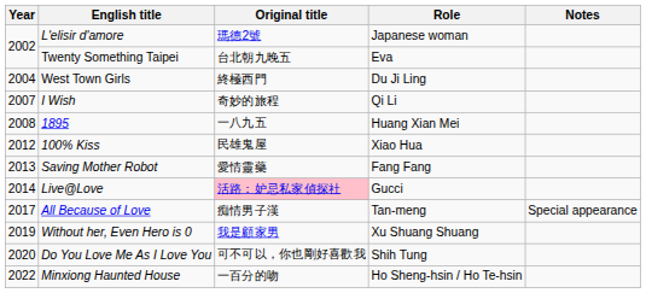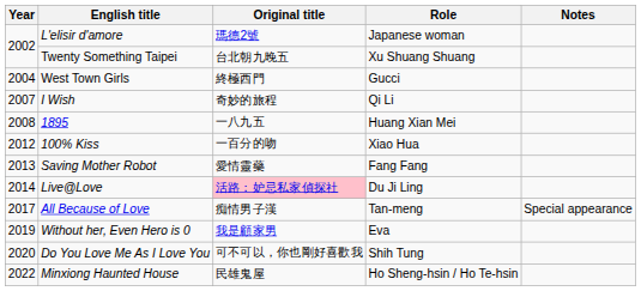 <table class="wikitable sortable">
 <tr>
 <th>Year</th>
 <th>English title</th>
 <th>Original title</th>
 <th>Role</th>
 <th class="unsortable">Notes</th>
 </tr>
 <tr>
 <td rowspan=2 style="text-align:center">2002</td>
 <td><em>L'elisir d'amore</em></td>
 <td><a href='#'>瑪德2號</a></td>
 <td>Japanese woman</td>
 <td></td>
 </tr>
 <tr>
 <td>Twenty Something Taipei</td>
 <td>台北朝九晚五</td>
-<td>Eva</td>
+<td>Xu Shuang Shuang</td>
 <td></td>
 </tr>
 <tr>
 <td style="text-align:center">2004</td>
 <td>West Town Girls</td>
 <td>終極西門</td>
-<td>Du Ji Ling</td>
+<td>Gucci</td>
 <td></td>
 </tr>
 <tr>
 <td style="text-align:center">2007</td>
 <td><em>I Wish</em></td>
 <td>奇妙的旅程</td>
 <td>Qi Li</td>
 <td></td>
 </tr>
 <tr>
 <td style="text-align:center">2008</td>
 <td><em><a href='#'>1895</a></em></td>
 <td>一八九五</td>
 <td>Huang Xian Mei</td>
 <td></td>
 </tr>
 <tr>
 <td style="text-align:center">2012</td>
 <td><em>100% Kiss</em></td>
-<td>民雄鬼屋</td>
+<td>一百分的吻</td>
 <td>Xiao Hua</td>
 <td></td>
 </tr>
 <tr>
 <td style="text-align:center">2013</td>
 <td><em>Saving Mother Robot</em></td>
 <td>愛情靈藥</td>
 <td>Fang Fang</td>
 <td></td>
 </tr>
 <tr>
 <td style="text-align:center">2014</td>
 <td><em>Live@Love</em></td>
 <td style="background: pink;"><a href='#'>活路：妒忌私家偵探社</a></td>
-<td>Gucci</td>
+<td>Du Ji Ling</td>
 <td></td>
 </tr>
 <tr>
 <td style="text-align:center">2017</td>
 <td><em><a href='#'>All Because of Love</a></em></td>
 <td>痴情男子漢</td>
 <td>Tan-meng</td>
 <td>Special appearance</td>
 </tr>
 <tr>
 <td style="text-align:center">2019</td>
 <td><em>Without her, Even Hero is 0</em></td>
 <td><a href='#'>我是顧家男</a></td>
-<td>Xu Shuang Shuang</td>
+<td>Eva</td>
 <td></td>
 </tr>
 <tr>
 <td>2020</td>
 <td><em>Do You Love Me As I Love You</em></td>
 <td>可不可以，你也剛好喜歡我</td>
 <td>Shih Tung</td>
 </tr>
 <tr>
 <td>2022</td>
 <td><em>Minxiong Haunted House</em></td>
-<td>一百分的吻</td>
+<td>民雄鬼屋</td>
 <td>Ho Sheng-hsin / Ho Te-hsin</td>
 <td></td>
 </tr>
 </table>
